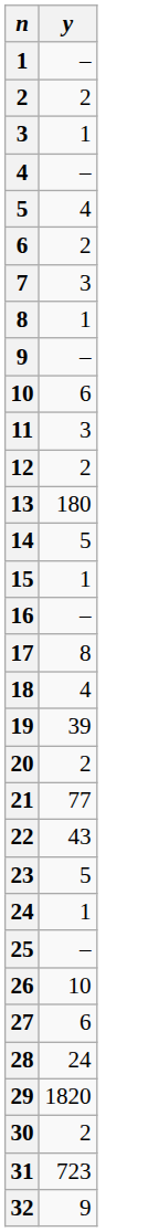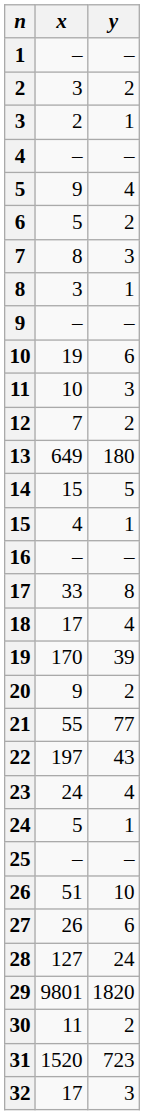 <table class="wikitable" style="text-align: right; display: inline-table;">
 <tr>
 <th><em>n</em></th>
+<th><em>x</em></th>
 <th><em>y</em></th>
 </tr>
 <tr>
 <th>1</th>
 <td>–</td>
+<td>–</td>
 </tr>
 <tr>
 <th>2</th>
+<td>3</td>
 <td>2</td>
 </tr>
 <tr>
 <th>3</th>
+<td>2</td>
 <td>1</td>
 </tr>
 <tr>
 <th>4</th>
 <td>–</td>
+<td>–</td>
 </tr>
 <tr>
 <th>5</th>
+<td>9</td>
 <td>4</td>
 </tr>
 <tr>
 <th>6</th>
+<td>5</td>
 <td>2</td>
 </tr>
 <tr>
 <th>7</th>
+<td>8</td>
 <td>3</td>
 </tr>
 <tr>
 <th>8</th>
+<td>3</td>
 <td>1</td>
 </tr>
 <tr>
 <th>9</th>
 <td>–</td>
+<td>–</td>
 </tr>
 <tr>
 <th>10</th>
+<td>19</td>
 <td>6</td>
 </tr>
 <tr>
 <th>11</th>
+<td>10</td>
 <td>3</td>
 </tr>
 <tr>
 <th>12</th>
+<td>7</td>
 <td>2</td>
 </tr>
 <tr>
 <th>13</th>
+<td>649</td>
 <td>180</td>
 </tr>
 <tr>
 <th>14</th>
+<td>15</td>
 <td>5</td>
 </tr>
 <tr>
 <th>15</th>
+<td>4</td>
 <td>1</td>
 </tr>
 <tr>
 <th>16</th>
 <td>–</td>
+<td>–</td>
 </tr>
 <tr>
 <th>17</th>
+<td>33</td>
 <td>8</td>
 </tr>
 <tr>
 <th>18</th>
+<td>17</td>
 <td>4</td>
 </tr>
 <tr>
 <th>19</th>
+<td>170</td>
 <td>39</td>
 </tr>
 <tr>
 <th>20</th>
+<td>9</td>
 <td>2</td>
 </tr>
 <tr>
 <th>21</th>
+<td>55</td>
 <td>77</td>
 </tr>
 <tr>
 <th>22</th>
+<td>197</td>
 <td>43</td>
 </tr>
 <tr>
 <th>23</th>
-<td>5</td>
+<td>24</td>
+<td>4</td>
 </tr>
 <tr>
 <th>24</th>
+<td>5</td>
 <td>1</td>
 </tr>
 <tr>
 <th>25</th>
 <td>–</td>
+<td>–</td>
 </tr>
 <tr>
 <th>26</th>
+<td>51</td>
 <td>10</td>
 </tr>
 <tr>
 <th>27</th>
+<td>26</td>
 <td>6</td>
 </tr>
 <tr>
 <th>28</th>
+<td>127</td>
 <td>24</td>
 </tr>
 <tr>
 <th>29</th>
+<td>9801</td>
 <td>1820</td>
 </tr>
 <tr>
 <th>30</th>
+<td>11</td>
 <td>2</td>
 </tr>
 <tr>
 <th>31</th>
+<td>1520</td>
 <td>723</td>
 </tr>
 <tr>
 <th>32</th>
-<td>9</td>
+<td>17</td>
+<td>3</td>
 </tr>
 </table>
